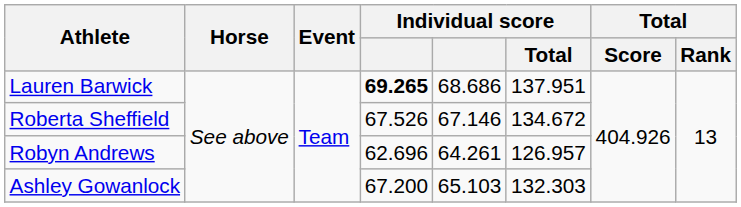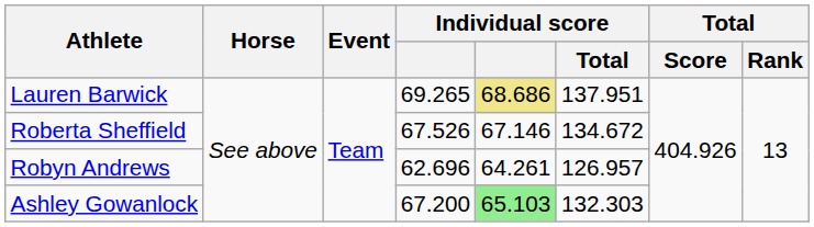 <table class=wikitable style="font-size:90%">
 <tr>
 <th rowspan="2">Athlete</th>
 <th rowspan="2">Horse</th>
 <th rowspan="2">Event</th>
 <th colspan="3">Individual score</th>
 <th colspan="2">Total</th>
 </tr>
 <tr>
 <th></th>
 <th></th>
 <th>Total</th>
 <th>Score</th>
 <th>Rank</th>
 </tr>
 <tr>
 <td><a href='#'>Lauren Barwick</a></td>
 <td rowspan=4><em>See above</em></td>
 <td rowspan=4><a href='#'>Team</a></td>
-<td align="center"><strong>69.265</strong></td>
-<td align="center">68.686</td>
+<td align="center">69.265</td>
+<td align="center" style="background: khaki;">68.686</td>
 <td align="center">137.951</td>
 <td align="center" rowspan="4">404.926</td>
 <td align="center" rowspan="4">13</td>
 </tr>
 <tr>
 <td><a href='#'>Roberta Sheffield</a></td>
 <td align="center">67.526</td>
 <td align="center">67.146</td>
 <td align="center">134.672</td>
 </tr>
 <tr>
 <td><a href='#'>Robyn Andrews</a></td>
 <td align="center">62.696</td>
 <td align="center">64.261</td>
 <td align="center">126.957</td>
 </tr>
 <tr>
 <td><a href='#'>Ashley Gowanlock</a></td>
 <td align="center">67.200</td>
-<td align="center">65.103</td>
+<td align="center" style="background: lightgreen;">65.103</td>
 <td align="center">132.303</td>
 </tr>
 </table>
